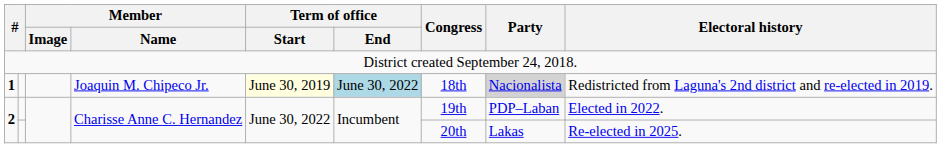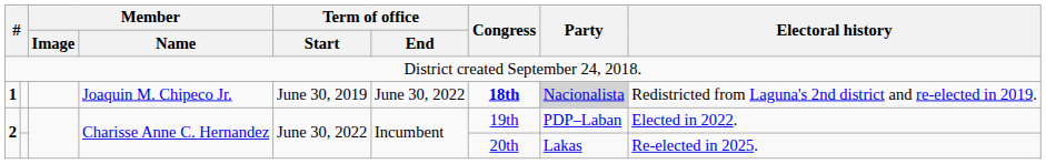 <table class="wikitable">
 <tr>
 <th rowspan="2" colspan="2">#</th>
 <th colspan="2">Member</th>
 <th colspan="2">Term of office</th>
 <th rowspan="2">Congress</th>
 <th rowspan="2">Party</th>
 <th rowspan="2">Electoral history</th>
 </tr>
 <tr>
 <th>Image</th>
 <th>Name<br></th>
 <th>Start</th>
 <th>End</th>
 </tr>
 <tr>
 <td colspan="10" style="text-align:center;">District created September 24, 2018.</td>
 </tr>
 <tr>
 <td style="text-align:center;"><strong>1</strong></td>
 <td style="color:inherit;background:"></td>
 <td></td>
 <td><a href='#'>Joaquin M. Chipeco Jr.</a><br></td>
-<td style="background: lightyellow;">June 30, 2019</td>
-<td style="background: lightblue;">June 30, 2022</td>
-<td style="text-align:center;"><a href='#'>18th</a></td>
+<td>June 30, 2019</td>
+<td>June 30, 2022</td>
+<td style="text-align:center;"><strong><a href='#'>18th</a></strong></td>
 <td style="background: lightgrey;"><a href='#'>Nacionalista</a></td>
 <td>Redistricted from <a href='#'>Laguna's 2nd district</a> and <a href='#'>re-elected in 2019</a>.</td>
 </tr>
 <tr>
 <td rowspan="3" style="text-align:center;"><strong>2</strong></td>
 <td style="color:inherit;background:"></td>
 <td rowspan="3"></td>
 <td rowspan="3"><a href='#'>Charisse Anne C. Hernandez</a><br></td>
 <td rowspan="3">June 30, 2022</td>
 <td rowspan="3">Incumbent</td>
 <td rowspan="2" style="text-align:center;"><a href='#'>19th</a></td>
 <td><a href='#'>PDP–Laban</a></td>
 <td rowspan="2"><a href='#'>Elected in 2022</a>.</td>
 </tr>
 <tr>
 <td rowspan="2" style="color:inherit;background:"></td>
 <td rowspan="2"><a href='#'>Lakas</a></td>
 </tr>
 <tr>
 <td style="text-align:center;"><a href='#'>20th</a></td>
 <td><a href='#'>Re-elected in 2025</a>.</td>
 </tr>
 </table>
